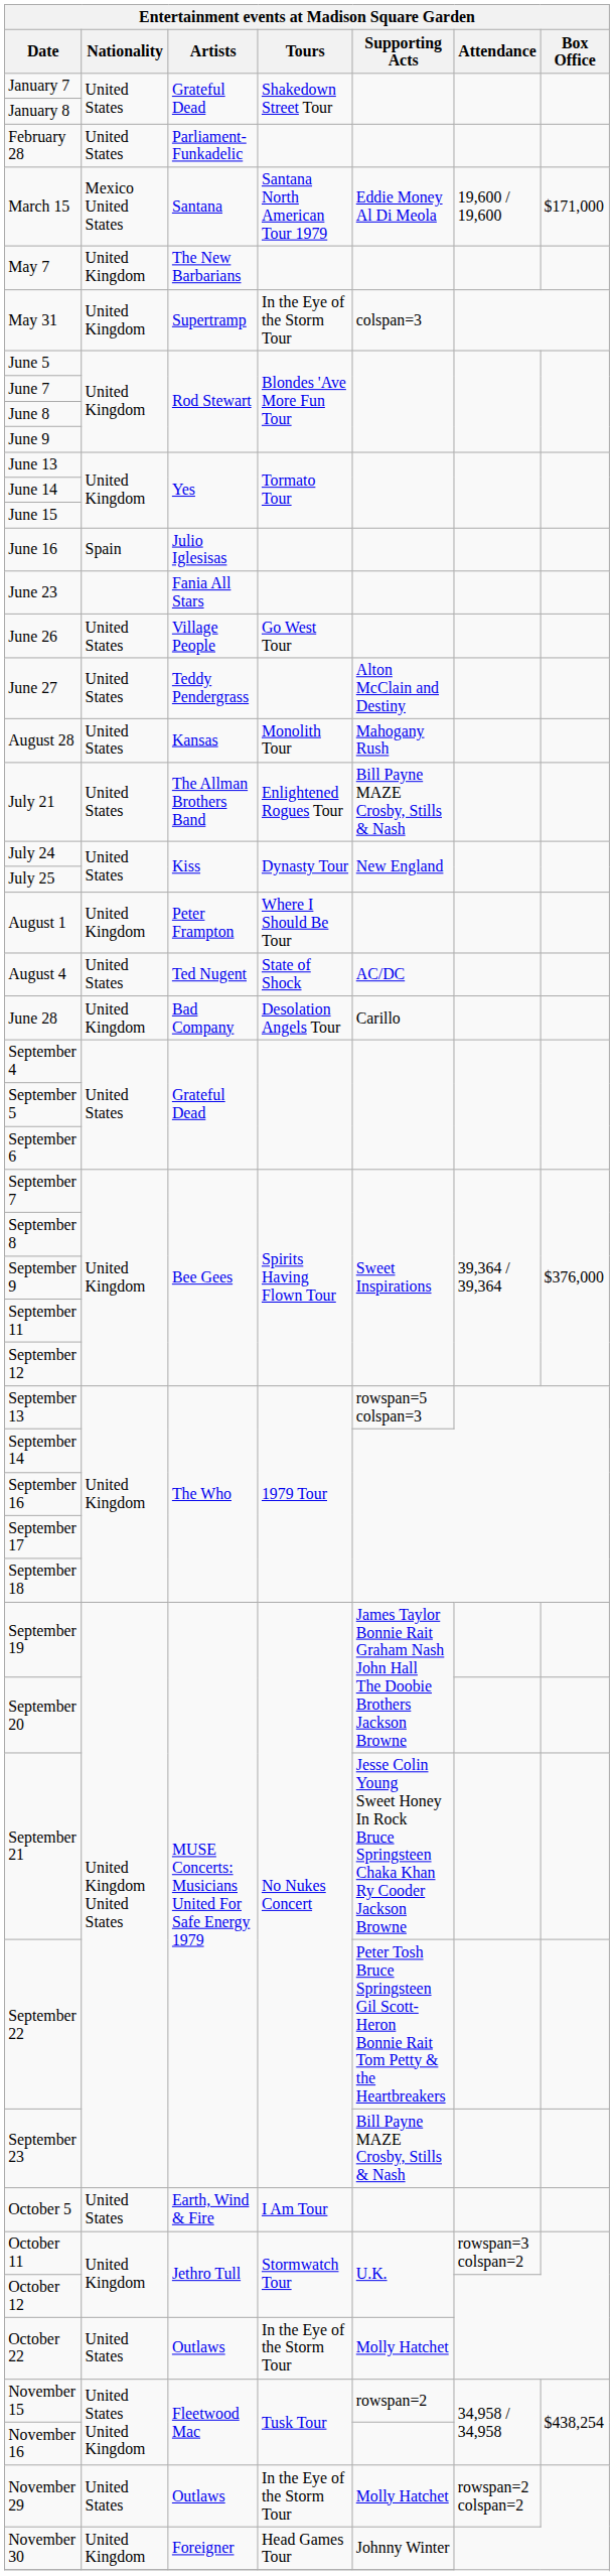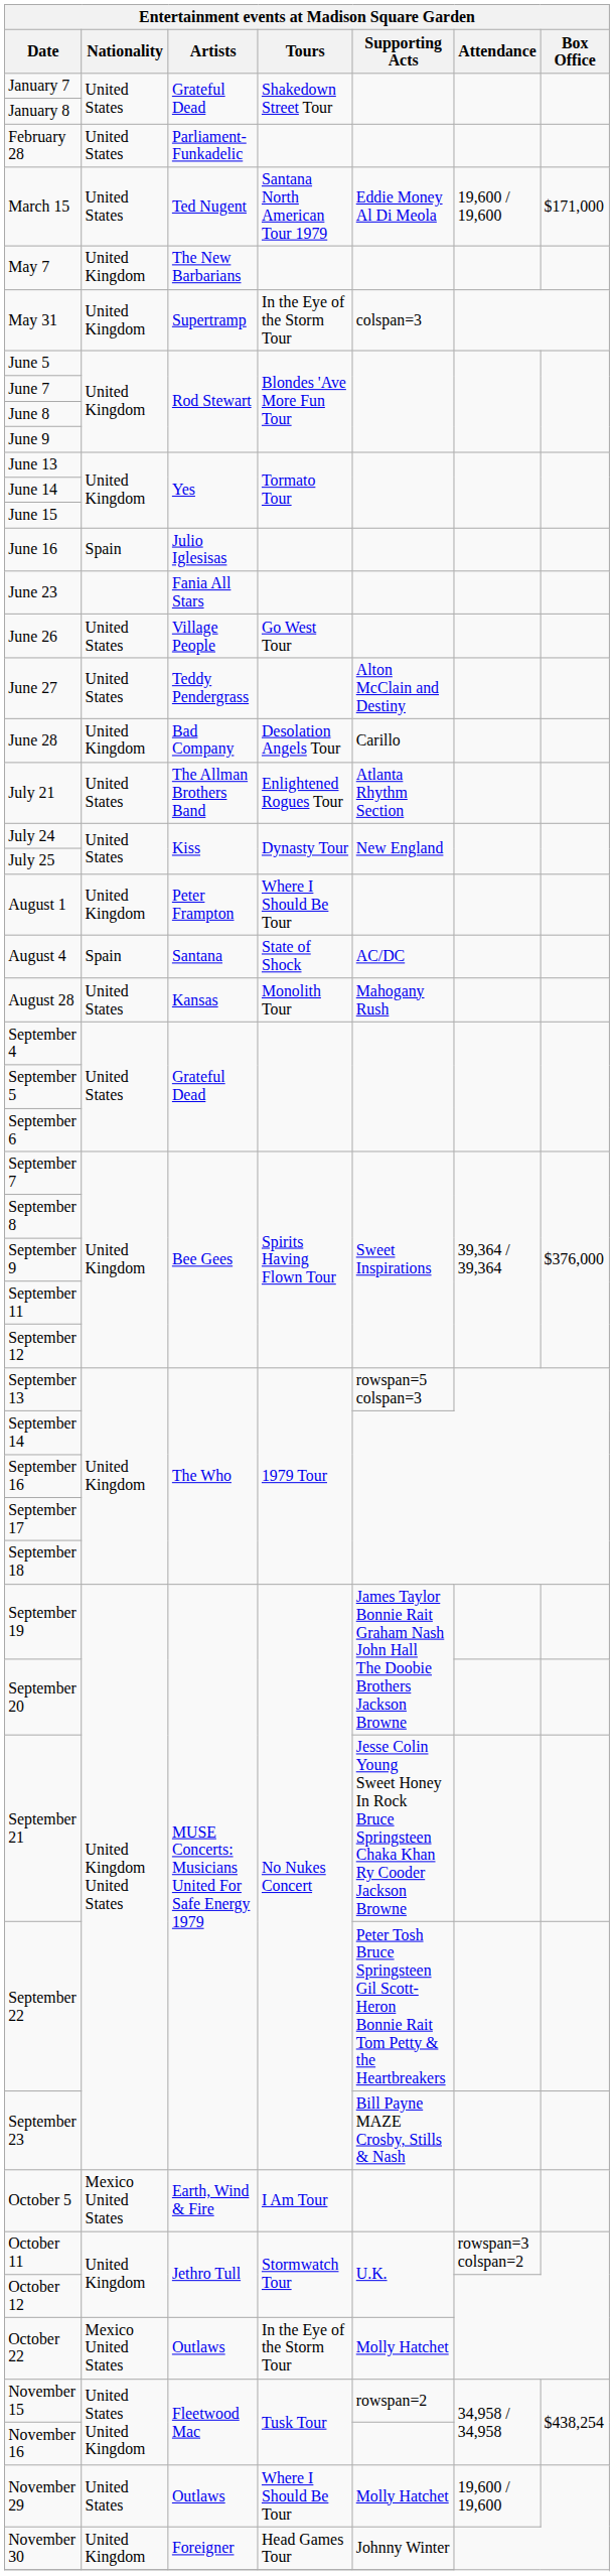 <table class="wikitable">
 <tr>
 <th colspan="7">Entertainment events at Madison Square Garden</th>
 </tr>
 <tr>
 <th width=100>Date</th>
 <th width=150>Nationality</th>
 <th width=200>Artists</th>
 <th width=300>Tours</th>
 <th width=200>Supporting Acts</th>
 <th width=100>Attendance</th>
 <th width=100>Box Office</th>
 </tr>
 <tr>
 <td>January 7</td>
 <td rowspan="2">United States</td>
 <td rowspan="2"><a href='#'>Grateful Dead</a></td>
 <td rowspan="2"><a href='#'>Shakedown Street</a> Tour</td>
 <td rowspan="2"></td>
 <td rowspan="2"></td>
 <td rowspan="2"></td>
 </tr>
 <tr>
 <td>January 8</td>
 </tr>
 <tr>
 <td>February 28</td>
 <td>United States</td>
 <td><a href='#'>Parliament-Funkadelic</a></td>
 <td></td>
 <td></td>
 <td></td>
 <td></td>
 </tr>
 <tr>
 <td>March 15</td>
-<td>Mexico<br>United States</td>
-<td><a href='#'>Santana</a></td>
+<td>United States</td>
+<td><a href='#'>Ted Nugent</a></td>
 <td><a href='#'>Santana North American Tour 1979</a></td>
 <td><a href='#'>Eddie Money</a><br><a href='#'>Al Di Meola</a></td>
 <td>19,600 / 19,600</td>
 <td>$171,000</td>
 </tr>
 <tr>
 <td>May 7</td>
 <td>United Kingdom</td>
 <td><a href='#'>The New Barbarians</a></td>
 <td></td>
 <td></td>
 <td></td>
 <td></td>
 </tr>
 <tr>
 <td>May 31</td>
 <td>United Kingdom</td>
 <td><a href='#'>Supertramp</a></td>
 <td>In the Eye of the Storm Tour</td>
 <td>colspan=3 </td>
 </tr>
 <tr>
 <td>June 5</td>
 <td rowspan="4">United Kingdom</td>
 <td rowspan="4"><a href='#'>Rod Stewart</a></td>
 <td rowspan="4"><a href='#'>Blondes 'Ave More Fun Tour</a></td>
 <td rowspan="4"></td>
 <td rowspan="4"></td>
 <td rowspan="4"></td>
 </tr>
 <tr>
 <td>June 7</td>
 </tr>
 <tr>
 <td>June 8</td>
 </tr>
 <tr>
 <td>June 9</td>
 </tr>
 <tr>
 <td>June 13</td>
 <td rowspan="3">United Kingdom</td>
 <td rowspan="3"><a href='#'>Yes</a></td>
 <td rowspan="3"><a href='#'>Tormato Tour</a></td>
 <td rowspan="3"></td>
 <td rowspan="3"></td>
 <td rowspan="3"></td>
 </tr>
 <tr>
 <td>June 14</td>
 </tr>
 <tr>
 <td>June 15</td>
 </tr>
 <tr>
 <td>June 16</td>
 <td>Spain</td>
 <td><a href='#'>Julio Iglesisas</a></td>
 <td></td>
 <td></td>
 <td></td>
 <td></td>
 </tr>
 <tr>
 <td>June 23</td>
 <td></td>
 <td><a href='#'>Fania All Stars</a></td>
 <td></td>
 <td></td>
 <td></td>
 <td></td>
 </tr>
 <tr>
 <td>June 26</td>
 <td>United States</td>
 <td><a href='#'>Village People</a></td>
 <td><a href='#'>Go West</a> Tour</td>
 <td></td>
 <td></td>
 <td></td>
 </tr>
 <tr>
 <td>June 27</td>
 <td>United States</td>
 <td><a href='#'>Teddy Pendergrass</a></td>
 <td></td>
 <td><a href='#'>Alton McClain and Destiny</a></td>
 <td></td>
 <td></td>
 </tr>
 <tr>
-<td>August 28</td>
-<td>United States</td>
-<td><a href='#'>Kansas</a></td>
-<td><a href='#'>Monolith</a> Tour</td>
-<td><a href='#'>Mahogany Rush</a></td>
+<td>June 28</td>
+<td>United Kingdom</td>
+<td><a href='#'>Bad Company</a></td>
+<td><a href='#'>Desolation Angels</a> Tour</td>
+<td>Carillo</td>
 <td></td>
 <td></td>
 </tr>
 <tr>
 <td>July 21</td>
 <td>United States</td>
 <td><a href='#'>The Allman Brothers Band</a></td>
 <td><a href='#'>Enlightened Rogues</a> Tour</td>
-<td><a href='#'>Bill Payne</a><br>MAZE<br><a href='#'>Crosby, Stills & Nash</a></td>
+<td><a href='#'>Atlanta Rhythm Section</a></td>
 <td></td>
 <td></td>
 </tr>
 <tr>
 <td>July 24</td>
 <td rowspan=2>United States</td>
 <td rowspan=2><a href='#'>Kiss</a></td>
 <td rowspan=2><a href='#'>Dynasty Tour</a></td>
 <td rowspan=2><a href='#'>New England</a></td>
 <td rowspan=2></td>
 <td rowspan=2></td>
 </tr>
 <tr>
 <td>July 25</td>
 </tr>
 <tr>
 <td>August 1</td>
 <td>United Kingdom</td>
 <td><a href='#'>Peter Frampton</a></td>
 <td><a href='#'>Where I Should Be</a> Tour</td>
 <td></td>
 <td></td>
 <td></td>
 </tr>
 <tr>
 <td>August 4</td>
-<td>United States</td>
-<td><a href='#'>Ted Nugent</a></td>
+<td>Spain</td>
+<td><a href='#'>Santana</a></td>
 <td><a href='#'>State of Shock</a></td>
 <td><a href='#'>AC/DC</a></td>
 <td></td>
 <td></td>
 </tr>
 <tr>
-<td>June 28</td>
-<td>United Kingdom</td>
-<td><a href='#'>Bad Company</a></td>
-<td><a href='#'>Desolation Angels</a> Tour</td>
-<td>Carillo</td>
+<td>August 28</td>
+<td>United States</td>
+<td><a href='#'>Kansas</a></td>
+<td><a href='#'>Monolith</a> Tour</td>
+<td><a href='#'>Mahogany Rush</a></td>
 <td></td>
 <td></td>
 </tr>
 <tr>
 <td>September 4</td>
 <td rowspan=3>United States</td>
 <td rowspan=3><a href='#'>Grateful Dead</a></td>
 <td rowspan=3></td>
 <td rowspan=3></td>
 <td rowspan=3></td>
 <td rowspan=3></td>
 </tr>
 <tr>
 <td>September 5</td>
 </tr>
 <tr>
 <td>September 6</td>
 </tr>
 <tr>
 <td>September 7</td>
 <td rowspan=5>United Kingdom</td>
 <td rowspan=5><a href='#'>Bee Gees</a></td>
 <td rowspan=5><a href='#'>Spirits Having Flown Tour</a></td>
 <td rowspan=5><a href='#'>Sweet Inspirations</a></td>
 <td rowspan=5>39,364 / 39,364</td>
 <td rowspan=5>$376,000</td>
 </tr>
 <tr>
 <td>September 8</td>
 </tr>
 <tr>
 <td>September 9</td>
 </tr>
 <tr>
 <td>September 11</td>
 </tr>
 <tr>
 <td>September 12</td>
 </tr>
 <tr>
 <td>September 13</td>
 <td rowspan=5>United Kingdom</td>
 <td rowspan=5><a href='#'>The Who</a></td>
 <td rowspan=5><a href='#'>1979 Tour</a></td>
 <td>rowspan=5 colspan=3 </td>
 </tr>
 <tr>
 <td>September 14</td>
 </tr>
 <tr>
 <td>September 16</td>
 </tr>
 <tr>
 <td>September 17</td>
 </tr>
 <tr>
 <td>September 18</td>
 </tr>
 <tr>
 <td>September 19</td>
 <td rowspan="5">United Kingdom<br>United States</td>
 <td rowspan="5"><a href='#'>MUSE Concerts: Musicians United For Safe Energy 1979</a></td>
 <td rowspan="5"><a href='#'>No Nukes Concert</a></td>
 <td rowspan="2"><a href='#'>James Taylor</a><br><a href='#'>Bonnie Rait</a><br><a href='#'>Graham Nash</a><br><a href='#'>John Hall</a><br><a href='#'>The Doobie Brothers</a><br><a href='#'>Jackson Browne</a></td>
 <td></td>
 <td></td>
 </tr>
 <tr>
 <td>September 20</td>
 <td></td>
 <td></td>
 </tr>
 <tr>
 <td>September 21</td>
 <td><a href='#'>Jesse Colin Young</a><br>Sweet Honey In Rock<br><a href='#'>Bruce Springsteen</a><br><a href='#'>Chaka Khan</a><br><a href='#'>Ry Cooder</a><br><a href='#'>Jackson Browne</a></td>
 <td></td>
 <td></td>
 </tr>
 <tr>
 <td>September 22</td>
 <td><a href='#'>Peter Tosh</a><br><a href='#'>Bruce Springsteen</a><br><a href='#'>Gil Scott-Heron</a><br><a href='#'>Bonnie Rait</a><br><a href='#'>Tom Petty & the Heartbreakers</a></td>
 <td></td>
 <td></td>
 </tr>
 <tr>
 <td>September 23</td>
 <td><a href='#'>Bill Payne</a><br>MAZE<br><a href='#'>Crosby, Stills & Nash</a></td>
 <td></td>
 <td></td>
 </tr>
 <tr>
 <td>October 5</td>
-<td>United States</td>
+<td>Mexico<br>United States</td>
 <td><a href='#'>Earth, Wind & Fire</a></td>
 <td><a href='#'>I Am Tour</a></td>
 <td></td>
 <td></td>
 <td></td>
 </tr>
 <tr>
 <td>October 11</td>
 <td rowspan=2>United Kingdom</td>
 <td rowspan=2><a href='#'>Jethro Tull</a></td>
 <td rowspan=2><a href='#'>Stormwatch Tour</a></td>
 <td rowspan=2><a href='#'>U.K.</a></td>
 <td>rowspan=3 colspan=2 </td>
 </tr>
 <tr>
 <td>October 12</td>
 </tr>
 <tr>
 <td>October 22</td>
-<td>United States</td>
+<td>Mexico<br>United States</td>
 <td><a href='#'>Outlaws</a></td>
 <td>In the Eye of the Storm Tour</td>
 <td><a href='#'>Molly Hatchet</a></td>
 </tr>
 <tr>
 <td>November 15</td>
 <td rowspan=2>United States<br>United Kingdom</td>
 <td rowspan=2><a href='#'>Fleetwood Mac</a></td>
 <td rowspan=2><a href='#'>Tusk Tour</a></td>
 <td>rowspan=2 </td>
 <td rowspan=2>34,958 / 34,958</td>
 <td rowspan=2>$438,254</td>
 </tr>
 <tr>
 <td>November 16</td>
 </tr>
 <tr>
 <td>November 29</td>
 <td>United States</td>
 <td><a href='#'>Outlaws</a></td>
-<td>In the Eye of the Storm Tour</td>
+<td><a href='#'>Where I Should Be</a> Tour</td>
 <td><a href='#'>Molly Hatchet</a></td>
-<td>rowspan=2 colspan=2 </td>
+<td>19,600 / 19,600</td>
 </tr>
 <tr>
 <td>November 30</td>
 <td>United Kingdom</td>
 <td><a href='#'>Foreigner</a></td>
 <td>Head Games Tour</td>
 <td>Johnny Winter</td>
 </tr>
 <tr>
 </tr>
 </table>
